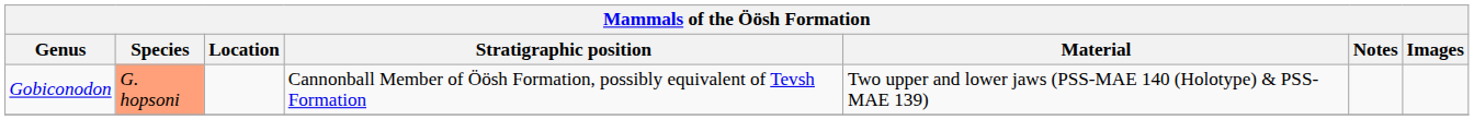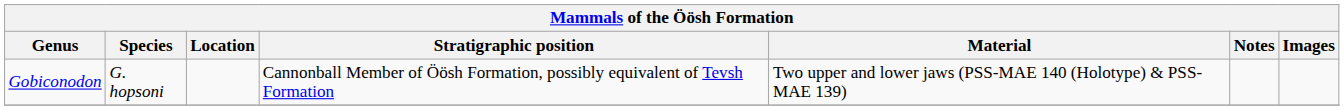 <table class="wikitable" align="center">
 <tr>
 <th colspan="7" align="center"><strong><a href='#'>Mammals</a> of the Öösh Formation</strong></th>
 </tr>
 <tr>
 <th>Genus</th>
 <th>Species</th>
 <th>Location</th>
 <th>Stratigraphic position</th>
 <th>Material</th>
 <th>Notes</th>
 <th>Images</th>
 </tr>
 <tr>
 <td><em><a href='#'>Gobiconodon</a></em></td>
-<td style="background: lightsalmon;"><em>G. hopsoni</em></td>
+<td><em>G. hopsoni</em></td>
 <td></td>
 <td>Cannonball Member of Öösh Formation, possibly equivalent of <a href='#'>Tevsh Formation</a></td>
 <td>Two upper and lower jaws (PSS-MAE 140 (Holotype) & PSS-MAE 139)</td>
 <td></td>
 <td></td>
 </tr>
 <tr>
 </tr>
 </table>
